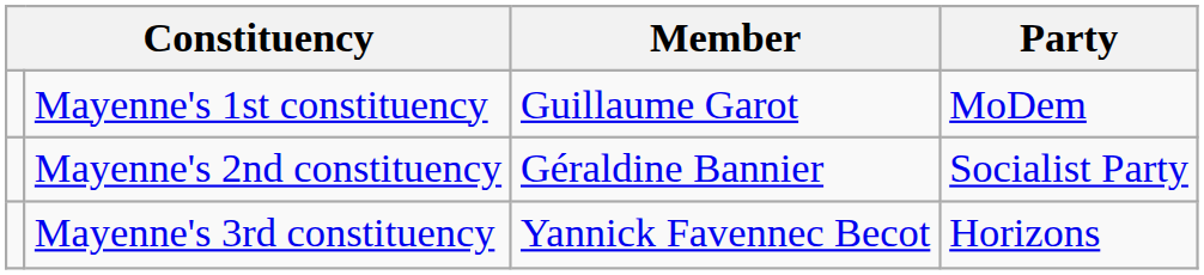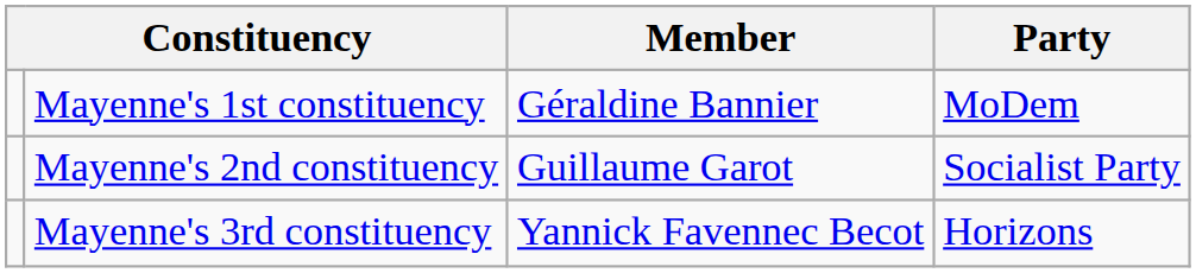 <table class="wikitable">
 <tr>
 <th colspan="2">Constituency</th>
 <th>Member</th>
 <th>Party</th>
 </tr>
 <tr>
 <td style="background-color: "></td>
 <td><a href='#'>Mayenne's 1st constituency</a></td>
-<td><a href='#'>Guillaume Garot</a></td>
+<td><a href='#'>Géraldine Bannier</a></td>
 <td><a href='#'>MoDem</a></td>
 </tr>
 <tr>
 <td style="background-color: "></td>
 <td><a href='#'>Mayenne's 2nd constituency</a></td>
-<td><a href='#'>Géraldine Bannier</a></td>
+<td><a href='#'>Guillaume Garot</a></td>
 <td><a href='#'>Socialist Party</a></td>
 </tr>
 <tr>
 <td style="background-color: "></td>
 <td><a href='#'>Mayenne's 3rd constituency</a></td>
 <td><a href='#'>Yannick Favennec Becot</a></td>
 <td><a href='#'>Horizons</a></td>
 </tr>
 </table>
